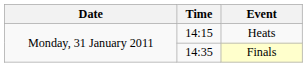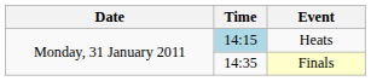 <table class = "wikitable" style="text-align:center;">
 <tr>
 <th width=220>Date</th>
 <th width=50>Time</th>
 <th width=100>Event</th>
 </tr>
 <tr>
 <td rowspan=2>Monday, 31 January 2011</td>
-<td>14:15</td>
+<td style="background: lightblue;">14:15</td>
 <td>Heats</td>
 </tr>
 <tr>
 <td>14:35</td>
 <td bgcolor=ffffcc>Finals</td>
 </tr>
 </table>
